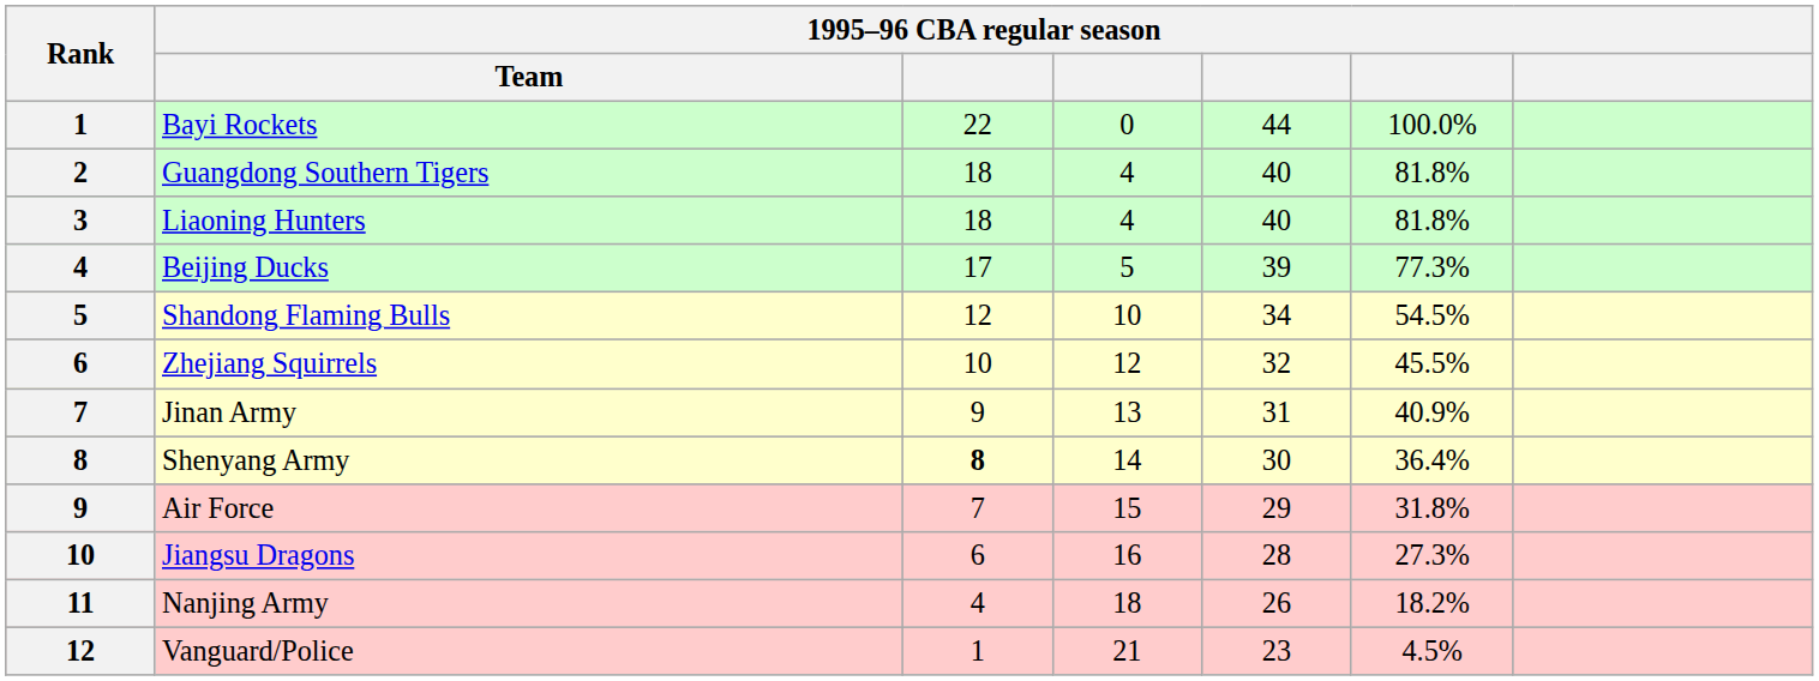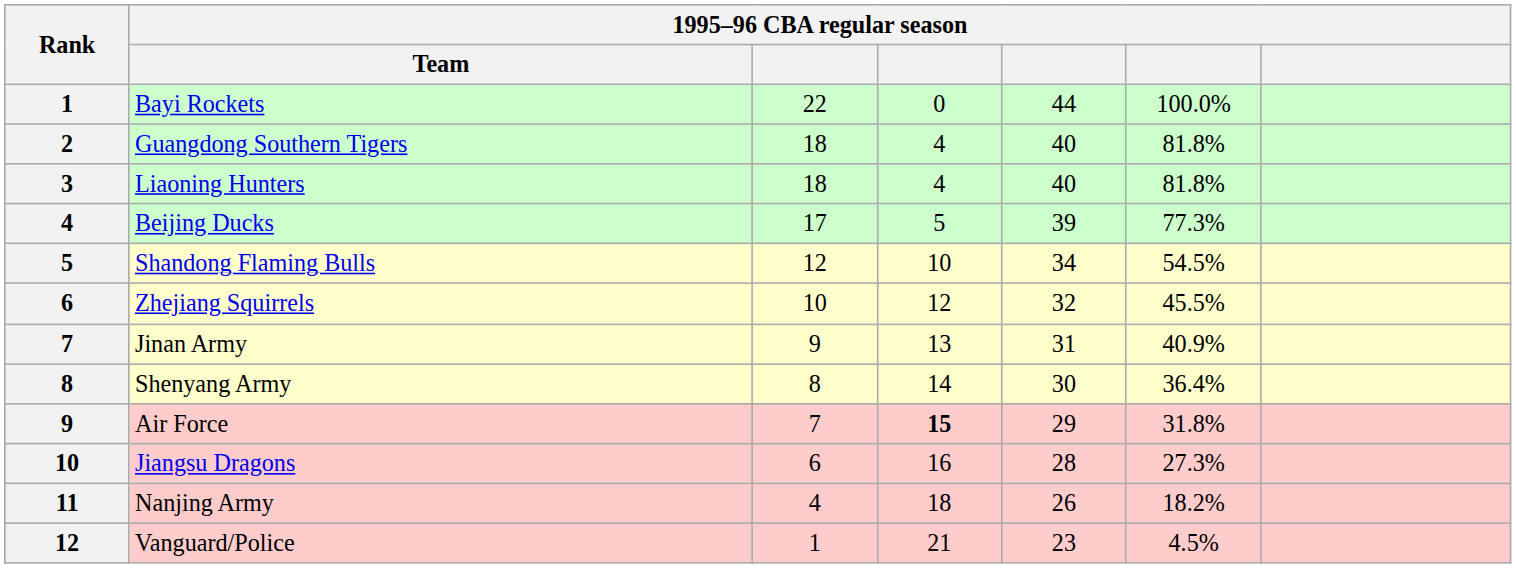 <table class="wikitable"  style="width:75%; font-size:95%;">
 <tr>
 <th style="width:5%;" rowspan="2">Rank</th>
 <th colspan="6" style="text-align:center;">1995–96 CBA regular season</th>
 </tr>
 <tr style="text-align:center;">
 <th style="width:25%;">Team</th>
 <th style="width:5%;"></th>
 <th style="width:5%;"></th>
 <th style="width:5%;"></th>
 <th style="width:5%;"></th>
 <th style="width:10%;"></th>
 </tr>
 <tr style="text-align:center; background:#cfc;">
 <th>1</th>
 <td style="text-align:left;"><a href='#'>Bayi Rockets</a></td>
 <td>22</td>
 <td>0</td>
 <td>44</td>
 <td>100.0%</td>
 <td></td>
 </tr>
 <tr style="text-align:center; background:#cfc;">
 <th>2</th>
 <td style="text-align:left;"><a href='#'>Guangdong Southern Tigers</a></td>
 <td>18</td>
 <td>4</td>
 <td>40</td>
 <td>81.8%</td>
 <td></td>
 </tr>
 <tr style="text-align:center; background:#cfc;">
 <th>3</th>
 <td style="text-align:left;"><a href='#'>Liaoning Hunters</a></td>
 <td>18</td>
 <td>4</td>
 <td>40</td>
 <td>81.8%</td>
 <td></td>
 </tr>
 <tr style="text-align:center; background:#cfc;">
 <th>4</th>
 <td style="text-align:left;"><a href='#'>Beijing Ducks</a></td>
 <td>17</td>
 <td>5</td>
 <td>39</td>
 <td>77.3%</td>
 <td></td>
 </tr>
 <tr style="text-align:center; background:#ffc;">
 <th>5</th>
 <td style="text-align:left;"><a href='#'>Shandong Flaming Bulls</a></td>
 <td>12</td>
 <td>10</td>
 <td>34</td>
 <td>54.5%</td>
 <td></td>
 </tr>
 <tr style="text-align:center; background:#ffc;">
 <th>6</th>
 <td style="text-align:left;"><a href='#'>Zhejiang Squirrels</a></td>
 <td>10</td>
 <td>12</td>
 <td>32</td>
 <td>45.5%</td>
 <td></td>
 </tr>
 <tr style="text-align:center; background:#ffc;">
 <th>7</th>
 <td style="text-align:left;">Jinan Army</td>
 <td>9</td>
 <td>13</td>
 <td>31</td>
 <td>40.9%</td>
 <td></td>
 </tr>
 <tr style="text-align:center; background:#ffc;">
 <th>8</th>
 <td style="text-align:left;">Shenyang Army</td>
-<td><strong>8</strong></td>
+<td>8</td>
 <td>14</td>
 <td>30</td>
 <td>36.4%</td>
 <td></td>
 </tr>
 <tr style="text-align:center; background:#fcc;">
 <th>9</th>
 <td style="text-align:left;">Air Force</td>
 <td>7</td>
-<td>15</td>
+<td><strong>15</strong></td>
 <td>29</td>
 <td>31.8%</td>
 <td></td>
 </tr>
 <tr style="text-align:center; background:#fcc;">
 <th>10</th>
 <td style="text-align:left;"><a href='#'>Jiangsu Dragons</a></td>
 <td>6</td>
 <td>16</td>
 <td>28</td>
 <td>27.3%</td>
 <td></td>
 </tr>
 <tr style="text-align:center; background:#fcc;">
 <th>11</th>
 <td style="text-align:left;">Nanjing Army</td>
 <td>4</td>
 <td>18</td>
 <td>26</td>
 <td>18.2%</td>
 <td></td>
 </tr>
 <tr style="text-align:center; background:#fcc;">
 <th>12</th>
 <td style="text-align:left;">Vanguard/Police</td>
 <td>1</td>
 <td>21</td>
 <td>23</td>
 <td>4.5%</td>
 <td></td>
 </tr>
 </table>
